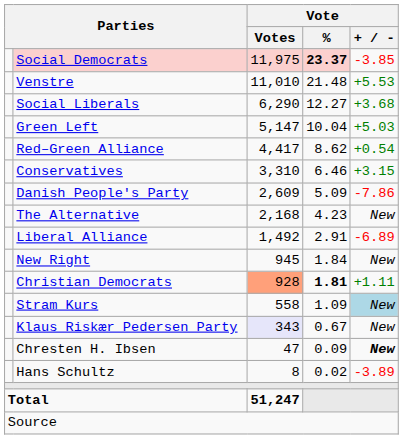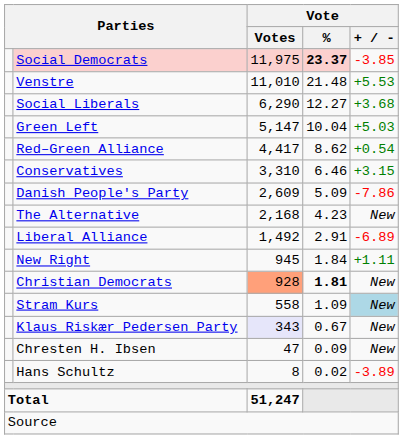 <table class="wikitable" style="text-align:right;">
 <tr>
 <th style="text-align:centre;" rowspan="2" colspan="2" width="225">Parties</th>
 <th colspan="3">Vote</th>
 </tr>
 <tr>
 <th width="15">Votes</th>
 <th width="15">%</th>
 <th width="15">+ / -</th>
 </tr>
 <tr>
 <td width="2" style="color:inherit;background:"></td>
 <td bgcolor=#fbd0ce  align="left"><a href='#'>Social Democrats</a></td>
 <td bgcolor=#fbd0ce>11,975</td>
 <td bgcolor=#fbd0ce><strong>23.37</strong></td>
 <td style=color:red;>-3.85</td>
 </tr>
 <tr>
 <td width="2" style="color:inherit;background:"></td>
 <td align="left"><a href='#'>Venstre</a></td>
 <td>11,010</td>
 <td>21.48</td>
 <td style=color:green;>+5.53</td>
 </tr>
 <tr>
 <td width="2" style="color:inherit;background:"></td>
 <td align="left"><a href='#'>Social Liberals</a></td>
 <td>6,290</td>
 <td>12.27</td>
 <td style=color:green;>+3.68</td>
 </tr>
 <tr>
 <td width="2" style="color:inherit;background:"></td>
 <td align="left"><a href='#'>Green Left</a></td>
 <td>5,147</td>
 <td>10.04</td>
 <td style=color:green;>+5.03</td>
 </tr>
 <tr>
 <td width="2" style="color:inherit;background:"></td>
 <td align="left"><a href='#'>Red–Green Alliance</a></td>
 <td>4,417</td>
 <td>8.62</td>
 <td style=color:green;>+0.54</td>
 </tr>
 <tr>
 <td width="2" style="color:inherit;background:"></td>
 <td align="left"><a href='#'>Conservatives</a></td>
 <td>3,310</td>
 <td>6.46</td>
 <td style=color:green;>+3.15</td>
 </tr>
 <tr>
 <td width="2" style="color:inherit;background:"></td>
 <td align="left"><a href='#'>Danish People's Party</a></td>
 <td>2,609</td>
 <td>5.09</td>
 <td style=color:red;>-7.86</td>
 </tr>
 <tr>
 <td width="2" style="color:inherit;background:"></td>
 <td align="left"><a href='#'>The Alternative</a></td>
 <td>2,168</td>
 <td>4.23</td>
 <td><em>New</em></td>
 </tr>
 <tr>
 <td width="2" style="color:inherit;background:"></td>
 <td align="left"><a href='#'>Liberal Alliance</a></td>
 <td>1,492</td>
 <td>2.91</td>
 <td style=color:red;>-6.89</td>
 </tr>
 <tr>
 <td width="2" style="color:inherit;background:"></td>
 <td align="left"><a href='#'>New Right</a></td>
 <td>945</td>
 <td>1.84</td>
-<td><em>New</em></td>
+<td style=color:green;>+1.11</td>
 </tr>
 <tr>
 <td width="2" style="color:inherit;background:"></td>
 <td align="left"><a href='#'>Christian Democrats</a></td>
 <td style="background: lightsalmon;">928</td>
 <td><strong>1.81</strong></td>
-<td style=color:green;>+1.11</td>
+<td><em>New</em></td>
 </tr>
 <tr>
 <td width="2" style="color:inherit;background:"></td>
 <td align="left"><a href='#'>Stram Kurs</a></td>
 <td>558</td>
 <td>1.09</td>
 <td style="background: lightblue;"><em>New</em></td>
 </tr>
 <tr>
 <td width="2" style="color:inherit;background:"></td>
 <td align="left"><a href='#'>Klaus Riskær Pedersen Party</a></td>
 <td style="background: lavender;">343</td>
 <td>0.67</td>
 <td><em>New</em></td>
 </tr>
 <tr>
 <td width="2" style="color:inherit;background:"></td>
 <td align="left">Chresten H. Ibsen</td>
 <td>47</td>
 <td>0.09</td>
-<td><strong><em>New</em></strong></td>
+<td><em>New</em></td>
 </tr>
 <tr>
 <td width="2" style="color:inherit;background:"></td>
 <td align="left">Hans Schultz</td>
 <td>8</td>
 <td>0.02</td>
 <td style=color:red;>-3.89</td>
 </tr>
 <tr>
 <td colspan="7" bgcolor="#E9E9E9"></td>
 </tr>
 <tr>
 <td align="left" colspan="2"><strong>Total</strong></td>
 <td><strong>51,247</strong></td>
 <td bgcolor="#E9E9E9" colspan="2"></td>
 </tr>
 <tr>
 <td align="left" colspan="6">Source</td>
 </tr>
 </table>
